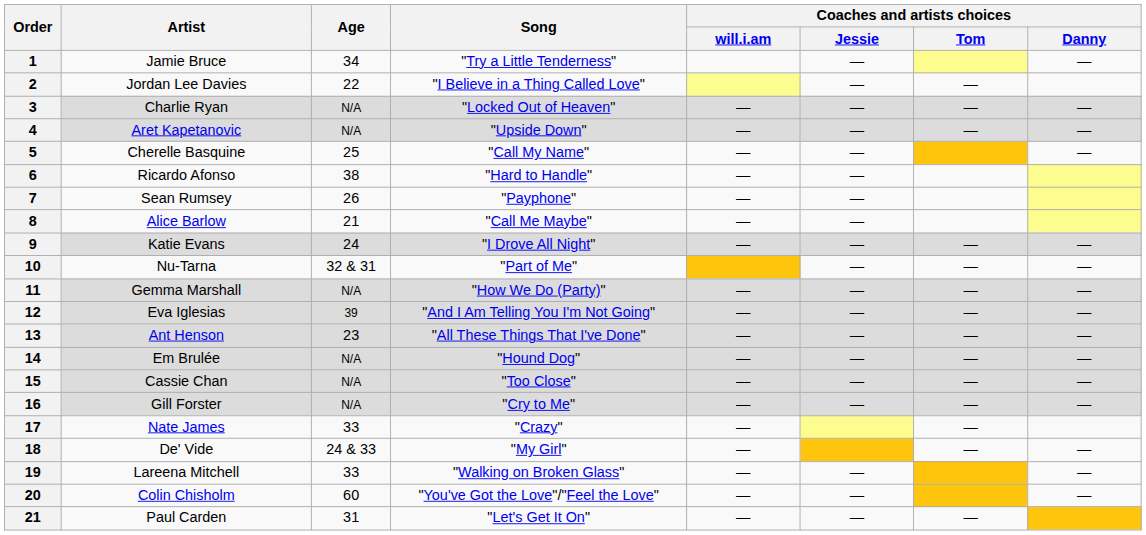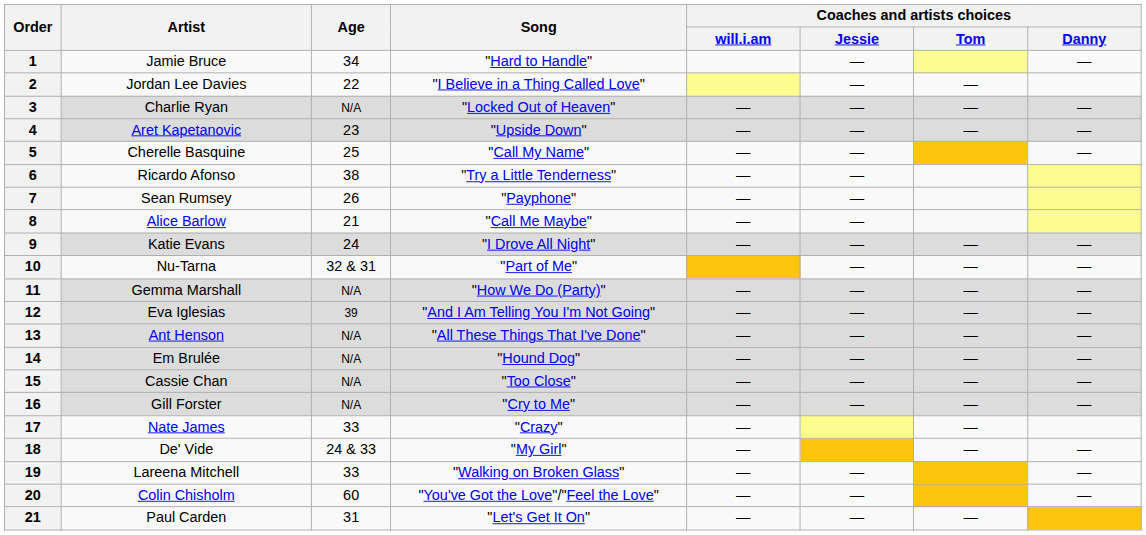 <table class="wikitable" style="text-align:center; width:100%;">
 <tr>
 <th scope="col" rowspan="2" style="width:05%;">Order</th>
 <th scope="col" rowspan="2" style="width:22%;">Artist</th>
 <th scope="col" rowspan="2" style="width:07%;">Age</th>
 <th scope="col" rowspan="2" style="width:26%;">Song</th>
 <th colspan="4" style="width:40%;">Coaches and artists choices</th>
 </tr>
 <tr>
 <th style="width:10%;"><a href='#'>will.i.am</a></th>
 <th style="width:10%;"><a href='#'>Jessie</a></th>
 <th style="width:10%;"><a href='#'>Tom</a></th>
 <th style="width:10%;"><a href='#'>Danny</a></th>
 </tr>
 <tr>
 <th scope="col">1</th>
 <td>Jamie Bruce</td>
 <td>34</td>
-<td>"<a href='#'>Try a Little Tenderness</a>"</td>
+<td>"<a href='#'>Hard to Handle</a>"</td>
 <td><strong></strong></td>
 <td>—</td>
 <td style="background:#fdfc8f; text-align:center;"><strong></strong></td>
 <td>—</td>
 </tr>
 <tr>
 <th scope="col">2</th>
 <td>Jordan Lee Davies</td>
 <td>22</td>
 <td>"<a href='#'>I Believe in a Thing Called Love</a>"</td>
 <td style="background:#fdfc8f; text-align:center;"><strong></strong></td>
 <td>—</td>
 <td>—</td>
 <td><strong></strong></td>
 </tr>
 <tr style="background:#DCDCDC">
 <th scope="col">3</th>
 <td>Charlie Ryan</td>
 <td><small>N/A</small></td>
 <td>"<a href='#'>Locked Out of Heaven</a>"</td>
 <td>—</td>
 <td>—</td>
 <td>—</td>
 <td>—</td>
 </tr>
 <tr style="background:#DCDCDC">
 <th scope="col">4</th>
 <td><a href='#'>Aret Kapetanovic</a></td>
-<td><small>N/A</small></td>
+<td>23</td>
 <td>"<a href='#'>Upside Down</a>"</td>
 <td>—</td>
 <td>—</td>
 <td>—</td>
 <td>—</td>
 </tr>
 <tr>
 <th scope="col">5</th>
 <td>Cherelle Basquine</td>
 <td>25</td>
 <td>"<a href='#'>Call My Name</a>"</td>
 <td>—</td>
 <td>—</td>
 <td style="background:#FFC40C; text-align:center;"><strong></strong></td>
 <td>—</td>
 </tr>
 <tr>
 <th scope="col">6</th>
 <td>Ricardo Afonso</td>
 <td>38</td>
-<td>"<a href='#'>Hard to Handle</a>"</td>
+<td>"<a href='#'>Try a Little Tenderness</a>"</td>
 <td>—</td>
 <td>—</td>
 <td><strong></strong></td>
 <td style="background:#fdfc8f; text-align:center;"><strong></strong></td>
 </tr>
 <tr>
 <th scope="col">7</th>
 <td>Sean Rumsey</td>
 <td>26</td>
 <td>"<a href='#'>Payphone</a>"</td>
 <td>—</td>
 <td>—</td>
 <td><strong></strong></td>
 <td style="background:#fdfc8f; text-align:center;"><strong></strong></td>
 </tr>
 <tr>
 <th scope="col">8</th>
 <td><a href='#'>Alice Barlow</a></td>
 <td>21</td>
 <td>"<a href='#'>Call Me Maybe</a>"</td>
 <td>—</td>
 <td>—</td>
 <td><strong></strong></td>
 <td style="background:#fdfc8f; text-align:center;"><strong></strong></td>
 </tr>
 <tr style="background:#DCDCDC">
 <th scope="col">9</th>
 <td>Katie Evans</td>
 <td>24</td>
 <td>"<a href='#'>I Drove All Night</a>"</td>
 <td>—</td>
 <td>—</td>
 <td>—</td>
 <td>—</td>
 </tr>
 <tr>
 <th scope="col">10</th>
 <td>Nu-Tarna</td>
 <td>32 & 31</td>
 <td>"<a href='#'>Part of Me</a>"</td>
 <td style="background:#FFC40C; text-align:center;"><strong></strong></td>
 <td>—</td>
 <td>—</td>
 <td>—</td>
 </tr>
 <tr style="background:#DCDCDC">
 <th scope="col">11</th>
 <td>Gemma Marshall</td>
 <td><small>N/A</small></td>
 <td>"<a href='#'>How We Do (Party)</a>"</td>
 <td>—</td>
 <td>—</td>
 <td>—</td>
 <td>—</td>
 </tr>
 <tr style="background:#DCDCDC">
 <th scope="col">12</th>
 <td>Eva Iglesias</td>
 <td><small>39</small></td>
 <td>"<a href='#'>And I Am Telling You I'm Not Going</a>"</td>
 <td>—</td>
 <td>—</td>
 <td>—</td>
 <td>—</td>
 </tr>
 <tr style="background:#DCDCDC">
 <th scope="col">13</th>
 <td><a href='#'>Ant Henson</a></td>
-<td>23</td>
+<td><small>N/A</small></td>
 <td>"<a href='#'>All These Things That I've Done</a>"</td>
 <td>—</td>
 <td>—</td>
 <td>—</td>
 <td>—</td>
 </tr>
 <tr style="background:#DCDCDC">
 <th scope="col">14</th>
 <td>Em Brulée</td>
 <td><small>N/A</small></td>
 <td>"<a href='#'>Hound Dog</a>"</td>
 <td>—</td>
 <td>—</td>
 <td>—</td>
 <td>—</td>
 </tr>
 <tr style="background:#DCDCDC">
 <th scope="col">15</th>
 <td>Cassie Chan</td>
 <td><small>N/A</small></td>
 <td>"<a href='#'>Too Close</a>"</td>
 <td>—</td>
 <td>—</td>
 <td>—</td>
 <td>—</td>
 </tr>
 <tr style="background:#DCDCDC">
 <th scope="col">16</th>
 <td>Gill Forster</td>
 <td><small>N/A</small></td>
 <td>"<a href='#'>Cry to Me</a>"</td>
 <td>—</td>
 <td>—</td>
 <td>—</td>
 <td>—</td>
 </tr>
 <tr>
 <th scope="col">17</th>
 <td><a href='#'>Nate James</a></td>
 <td>33</td>
 <td>"<a href='#'>Crazy</a>"</td>
 <td>—</td>
 <td style="background:#fdfc8f; text-align:center;"><strong></strong></td>
 <td>—</td>
 <td><strong></strong></td>
 </tr>
 <tr>
 <th scope="col">18</th>
 <td>De' Vide</td>
 <td>24 & 33</td>
 <td>"<a href='#'>My Girl</a>"</td>
 <td>—</td>
 <td style="background:#FFC40C; text-align:center;"><strong></strong></td>
 <td>—</td>
 <td>—</td>
 </tr>
 <tr>
 <th scope="col">19</th>
 <td>Lareena Mitchell</td>
 <td>33</td>
 <td>"<a href='#'>Walking on Broken Glass</a>"</td>
 <td>—</td>
 <td>—</td>
 <td style="background:#FFC40C; text-align:center;"><strong></strong></td>
 <td>—</td>
 </tr>
 <tr>
 <th scope="col">20</th>
 <td><a href='#'>Colin Chisholm</a></td>
 <td>60</td>
 <td>"<a href='#'>You've Got the Love</a>"/"<a href='#'>Feel the Love</a>"</td>
 <td>—</td>
 <td>—</td>
 <td style="background:#FFC40C; text-align:center;"><strong></strong></td>
 <td>—</td>
 </tr>
 <tr>
 <th scope="col">21</th>
 <td>Paul Carden</td>
 <td>31</td>
 <td>"<a href='#'>Let's Get It On</a>"</td>
 <td>—</td>
 <td>—</td>
 <td>—</td>
 <td style="background:#FFC40C; text-align:center;"><strong></strong></td>
 </tr>
 </table>
